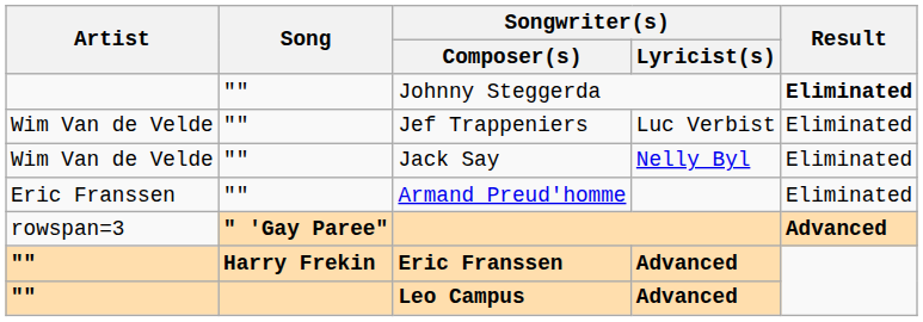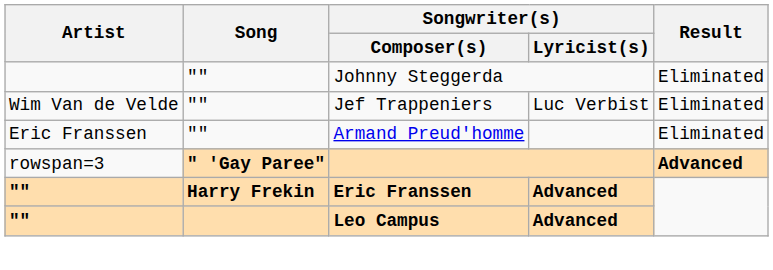 <table class="sortable wikitable" style="margin: 1em auto 1em auto; text-align:left">
 <tr>
 <th rowspan="2">Artist</th>
 <th rowspan="2">Song</th>
 <th colspan="2">Songwriter(s)</th>
 <th rowspan="2">Result</th>
 </tr>
 <tr>
 <th>Composer(s)</th>
 <th>Lyricist(s)</th>
 </tr>
 <tr>
 <td></td>
 <td>""</td>
 <td colspan="2">Johnny Steggerda</td>
-<td><strong>Eliminated</strong></td>
+<td>Eliminated</td>
 </tr>
 <tr>
 <td>Wim Van de Velde</td>
 <td>""</td>
 <td>Jef Trappeniers</td>
 <td>Luc Verbist</td>
-<td>Eliminated</td>
-</tr>
-<tr>
-<td>Wim Van de Velde</td>
-<td>""</td>
-<td>Jack Say</td>
-<td><a href='#'>Nelly Byl</a></td>
 <td>Eliminated</td>
 </tr>
 <tr>
 <td>Eric Franssen</td>
 <td>""</td>
 <td><a href='#'>Armand Preud'homme</a></td>
 <td></td>
 <td>Eliminated</td>
 </tr>
 <tr>
 <td>rowspan=3 </td>
 <td style="font-weight: bold; background: navajowhite;">" 'Gay Paree"</td>
 <td colspan="2" style="font-weight: bold; background: navajowhite;"></td>
 <td style="font-weight: bold; background: navajowhite;">Advanced</td>
 </tr>
 <tr>
 <td style="font-weight: bold; background: navajowhite;">""</td>
 <td style="font-weight: bold; background: navajowhite;">Harry Frekin</td>
 <td style="font-weight: bold; background: navajowhite;">Eric Franssen</td>
 <td style="font-weight: bold; background: navajowhite;">Advanced</td>
 </tr>
 <tr>
 <td style="font-weight: bold; background: navajowhite;">""</td>
 <td style="font-weight: bold; background: navajowhite;"></td>
 <td style="font-weight: bold; background: navajowhite;">Leo Campus</td>
 <td style="font-weight: bold; background: navajowhite;">Advanced</td>
 </tr>
 </table>
